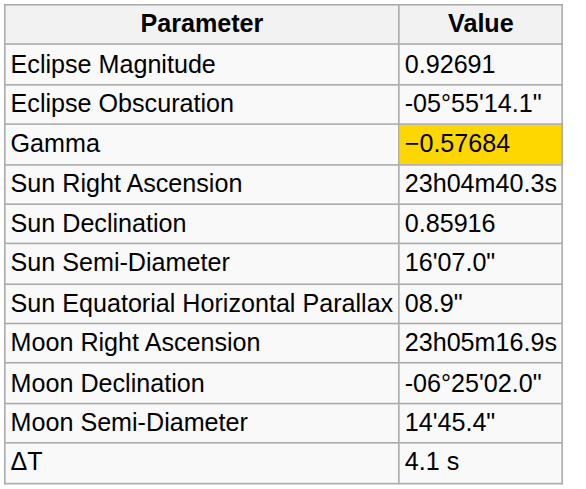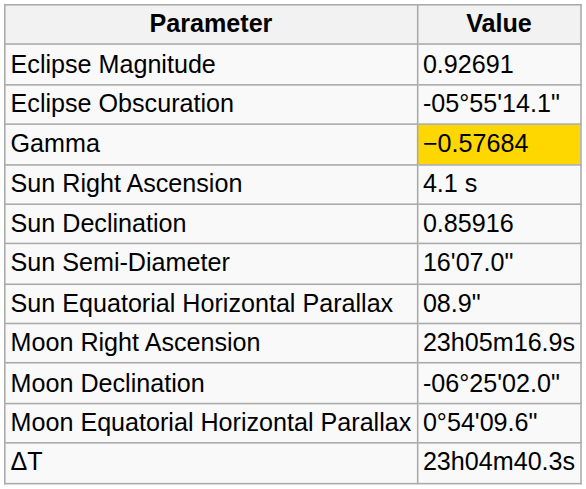 <table class="wikitable">
 <tr>
 <th>Parameter</th>
 <th>Value</th>
 </tr>
 <tr>
 <td>Eclipse Magnitude</td>
 <td>0.92691</td>
 </tr>
 <tr>
 <td>Eclipse Obscuration</td>
 <td>-05°55'14.1"</td>
 </tr>
 <tr>
 <td>Gamma</td>
 <td style="background: gold;">−0.57684</td>
 </tr>
 <tr>
 <td>Sun Right Ascension</td>
-<td>23h04m40.3s</td>
+<td>4.1 s</td>
 </tr>
 <tr>
 <td>Sun Declination</td>
 <td>0.85916</td>
 </tr>
 <tr>
 <td>Sun Semi-Diameter</td>
 <td>16'07.0"</td>
 </tr>
 <tr>
 <td>Sun Equatorial Horizontal Parallax</td>
 <td>08.9"</td>
 </tr>
 <tr>
 <td>Moon Right Ascension</td>
 <td>23h05m16.9s</td>
 </tr>
 <tr>
 <td>Moon Declination</td>
 <td>-06°25'02.0"</td>
 </tr>
 <tr>
-<td>Moon Semi-Diameter</td>
-<td>14'45.4"</td>
+<td>Moon Equatorial Horizontal Parallax</td>
+<td>0°54'09.6"</td>
 </tr>
 <tr>
 <td>ΔT</td>
-<td>4.1 s</td>
+<td>23h04m40.3s</td>
 </tr>
 </table>
